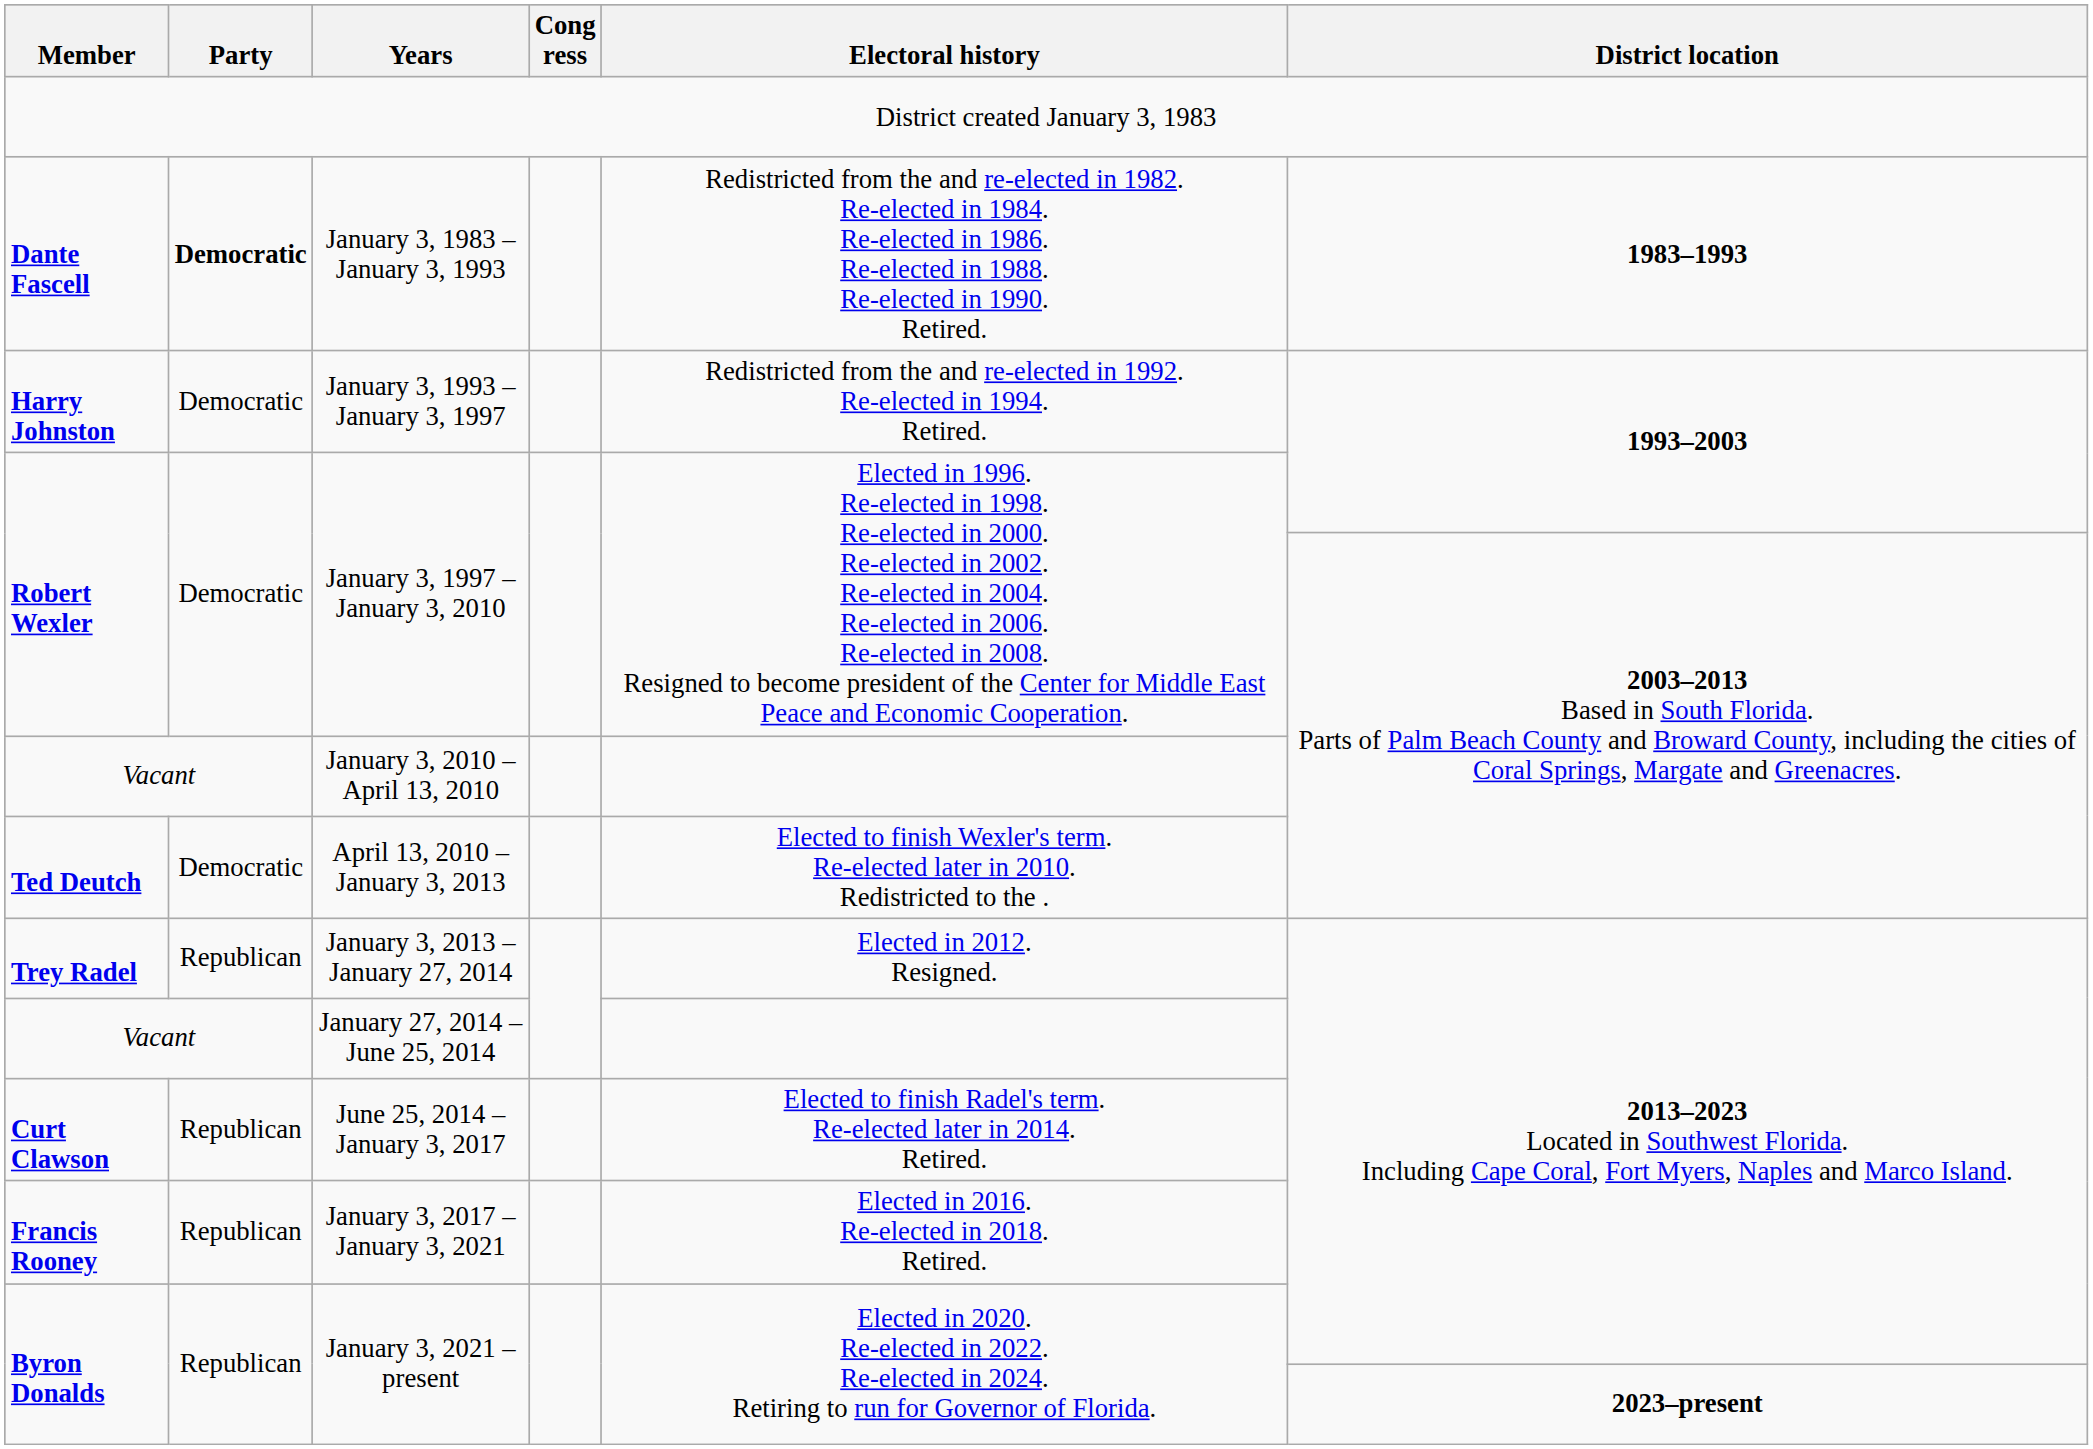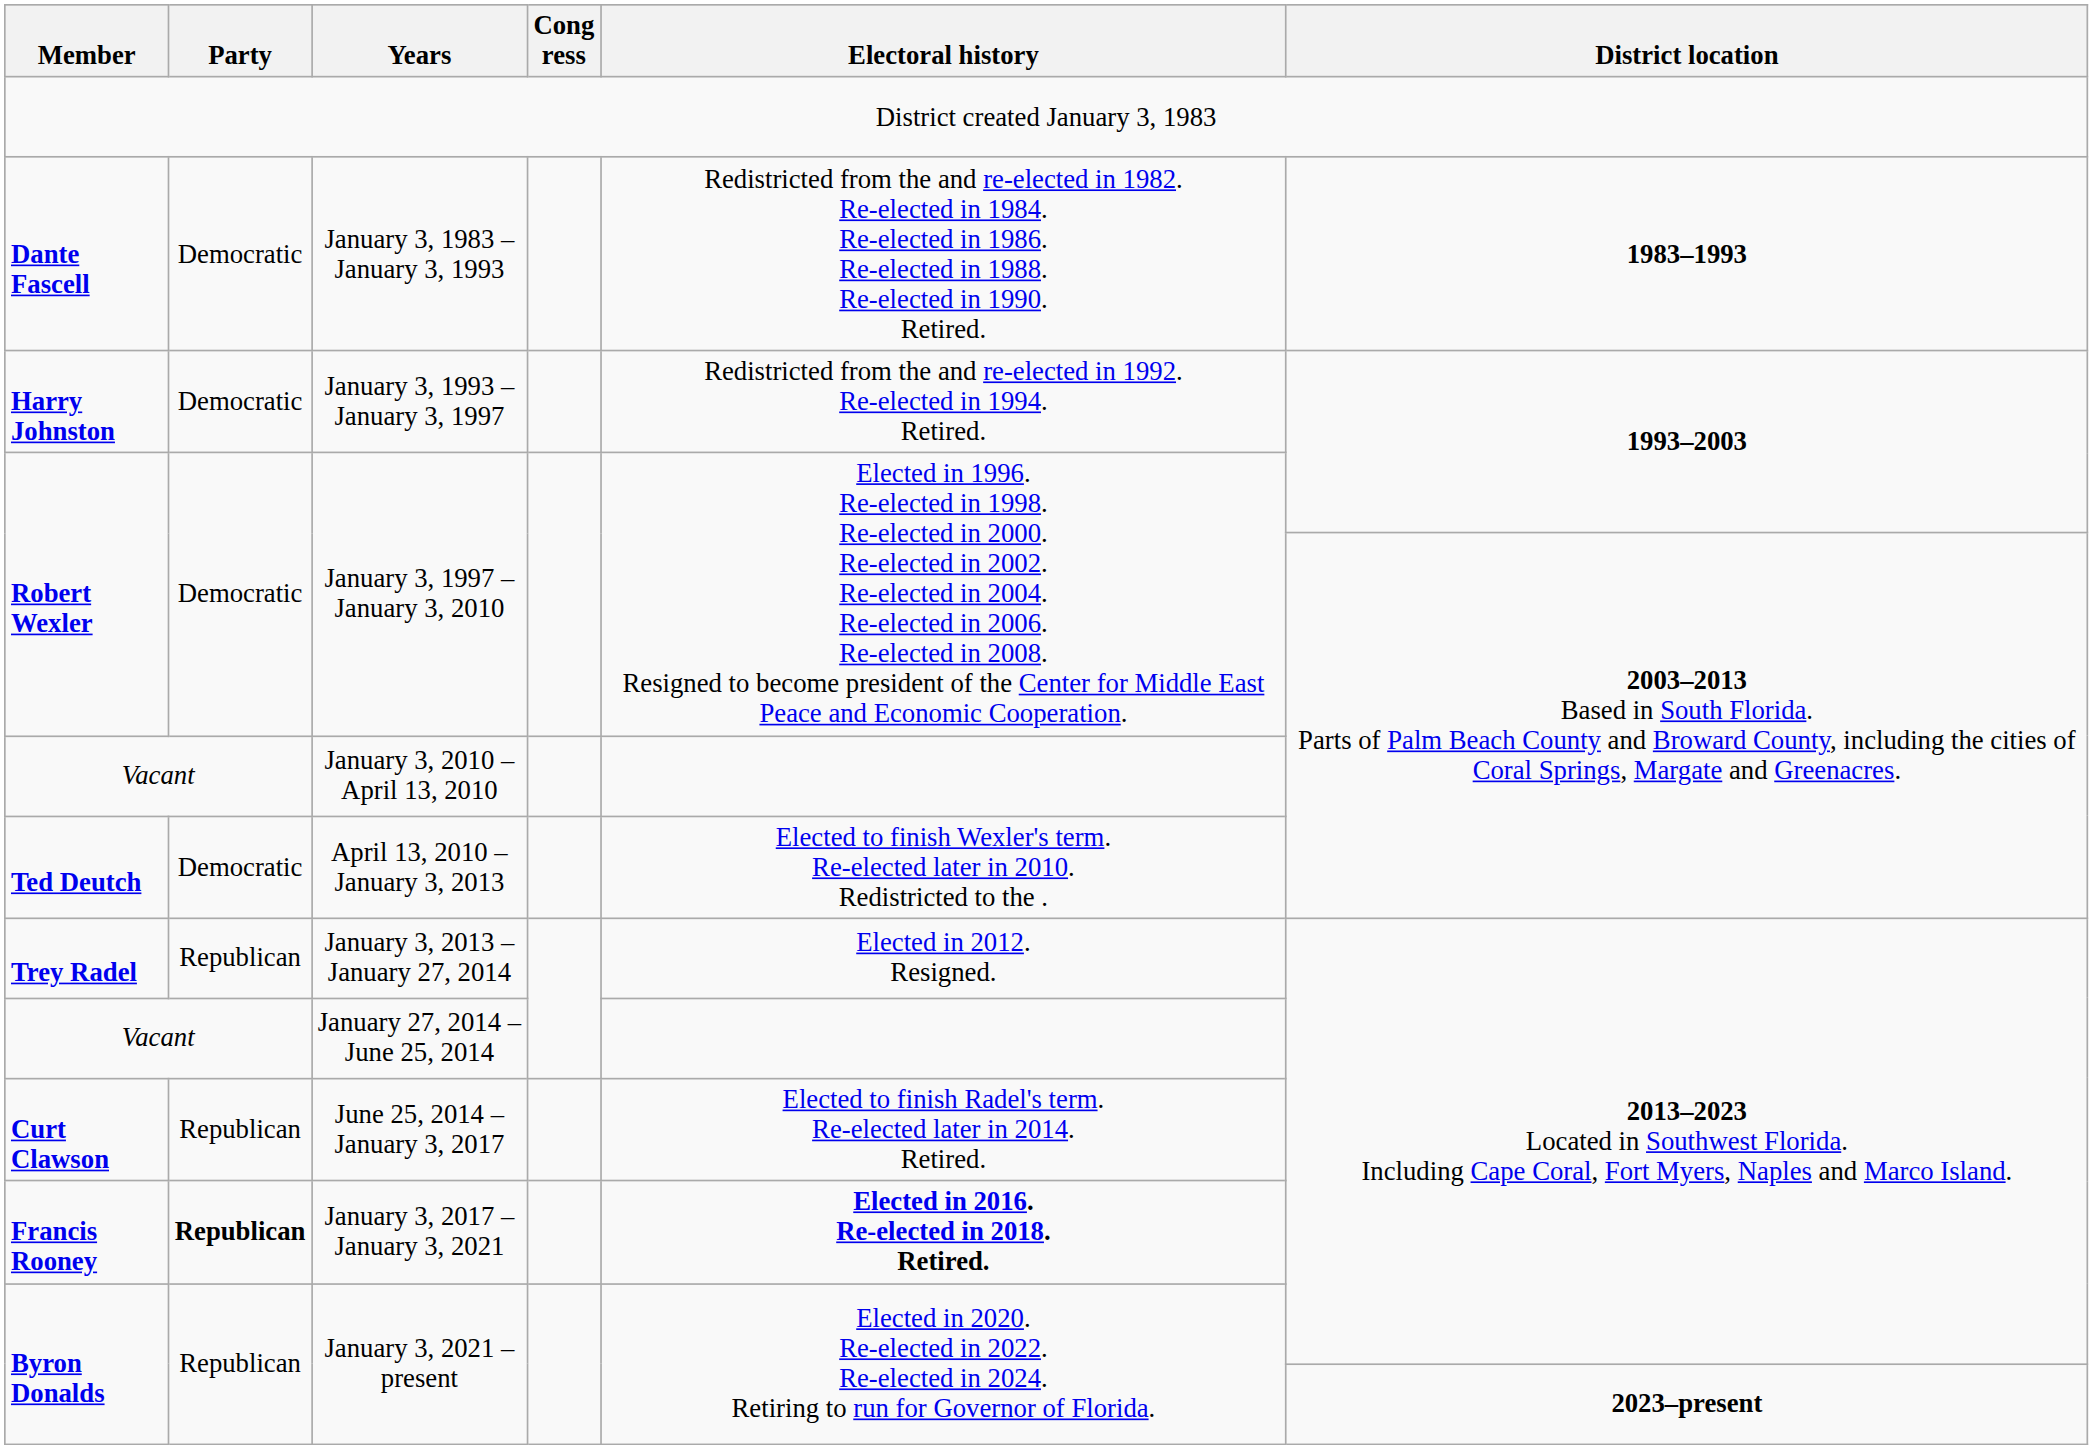 <table class=wikitable style="text-align:center">
 <tr valign=bottom>
 <th>Member</th>
 <th>Party</th>
 <th>Years</th>
 <th>Cong<br>ress</th>
 <th>Electoral history</th>
 <th>District location</th>
 </tr>
 <tr style="height:3em">
 <td colspan=6>District created January 3, 1983</td>
 </tr>
 <tr style="height:3em">
 <td align=left><br><strong><a href='#'>Dante Fascell</a></strong><br></td>
-<td><strong>Democratic</strong></td>
+<td>Democratic</td>
 <td nowrap>January 3, 1983 –<br>January 3, 1993</td>
 <td></td>
 <td>Redistricted from the  and <a href='#'>re-elected in 1982</a>.<br><a href='#'>Re-elected in 1984</a>.<br><a href='#'>Re-elected in 1986</a>.<br><a href='#'>Re-elected in 1988</a>.<br><a href='#'>Re-elected in 1990</a>.<br>Retired.</td>
 <td><strong>1983–1993</strong><br></td>
 </tr>
 <tr style="height:3em">
 <td align=left><br><strong><a href='#'>Harry Johnston</a></strong><br></td>
 <td>Democratic</td>
 <td nowrap>January 3, 1993 –<br>January 3, 1997</td>
 <td></td>
 <td>Redistricted from the  and <a href='#'>re-elected in 1992</a>.<br><a href='#'>Re-elected in 1994</a>.<br>Retired.</td>
 <td rowspan=2><strong>1993–2003</strong><br></td>
 </tr>
 <tr style="height:3em">
 <td rowspan=2 align=left><br><strong><a href='#'>Robert Wexler</a></strong><br></td>
 <td rowspan=2 >Democratic</td>
 <td rowspan=2 nowrap>January 3, 1997 –<br>January 3, 2010</td>
 <td rowspan=2></td>
 <td rowspan=2><a href='#'>Elected in 1996</a>.<br><a href='#'>Re-elected in 1998</a>.<br><a href='#'>Re-elected in 2000</a>.<br><a href='#'>Re-elected in 2002</a>.<br><a href='#'>Re-elected in 2004</a>.<br><a href='#'>Re-elected in 2006</a>.<br><a href='#'>Re-elected in 2008</a>.<br>Resigned to become president of the <a href='#'>Center for Middle East Peace and Economic Cooperation</a>.</td>
 </tr>
 <tr style="height:3em">
 <td rowspan=3><strong>2003–2013</strong><br>Based in <a href='#'>South Florida</a>.<br>Parts of <a href='#'>Palm Beach County</a> and <a href='#'>Broward County</a>, including the cities of <a href='#'>Coral Springs</a>, <a href='#'>Margate</a> and <a href='#'>Greenacres</a>.<br></td>
 </tr>
 <tr style="height:3em">
 <td colspan=2><em>Vacant</em></td>
 <td nowrap>January 3, 2010 –<br>April 13, 2010</td>
 <td></td>
 </tr>
 <tr style="height:3em">
 <td align=left><br><strong><a href='#'>Ted Deutch</a></strong><br></td>
 <td>Democratic</td>
 <td nowrap>April 13, 2010 –<br>January 3, 2013</td>
 <td></td>
 <td><a href='#'>Elected to finish Wexler's term</a>.<br><a href='#'>Re-elected later in 2010</a>.<br>Redistricted to the .</td>
 </tr>
 <tr style="height:3em">
 <td align=left><br><strong><a href='#'>Trey Radel</a></strong><br></td>
 <td>Republican</td>
 <td nowrap>January 3, 2013 –<br>January 27, 2014</td>
 <td rowspan=2></td>
 <td><a href='#'>Elected in 2012</a>.<br>Resigned.</td>
 <td rowspan=5><strong>2013–2023</strong><br>Located in <a href='#'>Southwest Florida</a>.<br>Including <a href='#'>Cape Coral</a>, <a href='#'>Fort Myers</a>, <a href='#'>Naples</a> and <a href='#'>Marco Island</a>.<br></td>
 </tr>
 <tr style="height:3em">
 <td colspan=2><em>Vacant</em></td>
 <td nowrap>January 27, 2014 –<br>June 25, 2014</td>
 </tr>
 <tr style="height:3em">
 <td align=left><br><strong><a href='#'>Curt Clawson</a></strong><br></td>
 <td>Republican</td>
 <td nowrap>June 25, 2014 –<br>January 3, 2017</td>
 <td></td>
 <td><a href='#'>Elected to finish Radel's term</a>.<br><a href='#'>Re-elected later in 2014</a>.<br>Retired.</td>
 </tr>
 <tr style="height:3em">
 <td align=left><br><strong><a href='#'>Francis Rooney</a></strong><br></td>
-<td>Republican</td>
+<td><strong>Republican</strong></td>
 <td nowrap>January 3, 2017 –<br>January 3, 2021</td>
 <td></td>
-<td><a href='#'>Elected in 2016</a>.<br><a href='#'>Re-elected in 2018</a>.<br>Retired.</td>
+<td><strong><a href='#'>Elected in 2016</a>.<br><a href='#'>Re-elected in 2018</a>.<br>Retired.</strong></td>
 </tr>
 <tr style="height:3em">
 <td rowspan=2 align=left><br><strong><a href='#'>Byron Donalds</a></strong><br></td>
 <td rowspan=2 >Republican</td>
 <td rowspan=2 nowrap>January 3, 2021 –<br>present</td>
 <td rowspan=2></td>
 <td rowspan=2><a href='#'>Elected in 2020</a>.<br><a href='#'>Re-elected in 2022</a>.<br><a href='#'>Re-elected in 2024</a>.<br>Retiring to <a href='#'>run for Governor of Florida</a>.</td>
 </tr>
 <tr style="height:3em">
 <td><strong>2023–present</strong><br></td>
 </tr>
 </table>
